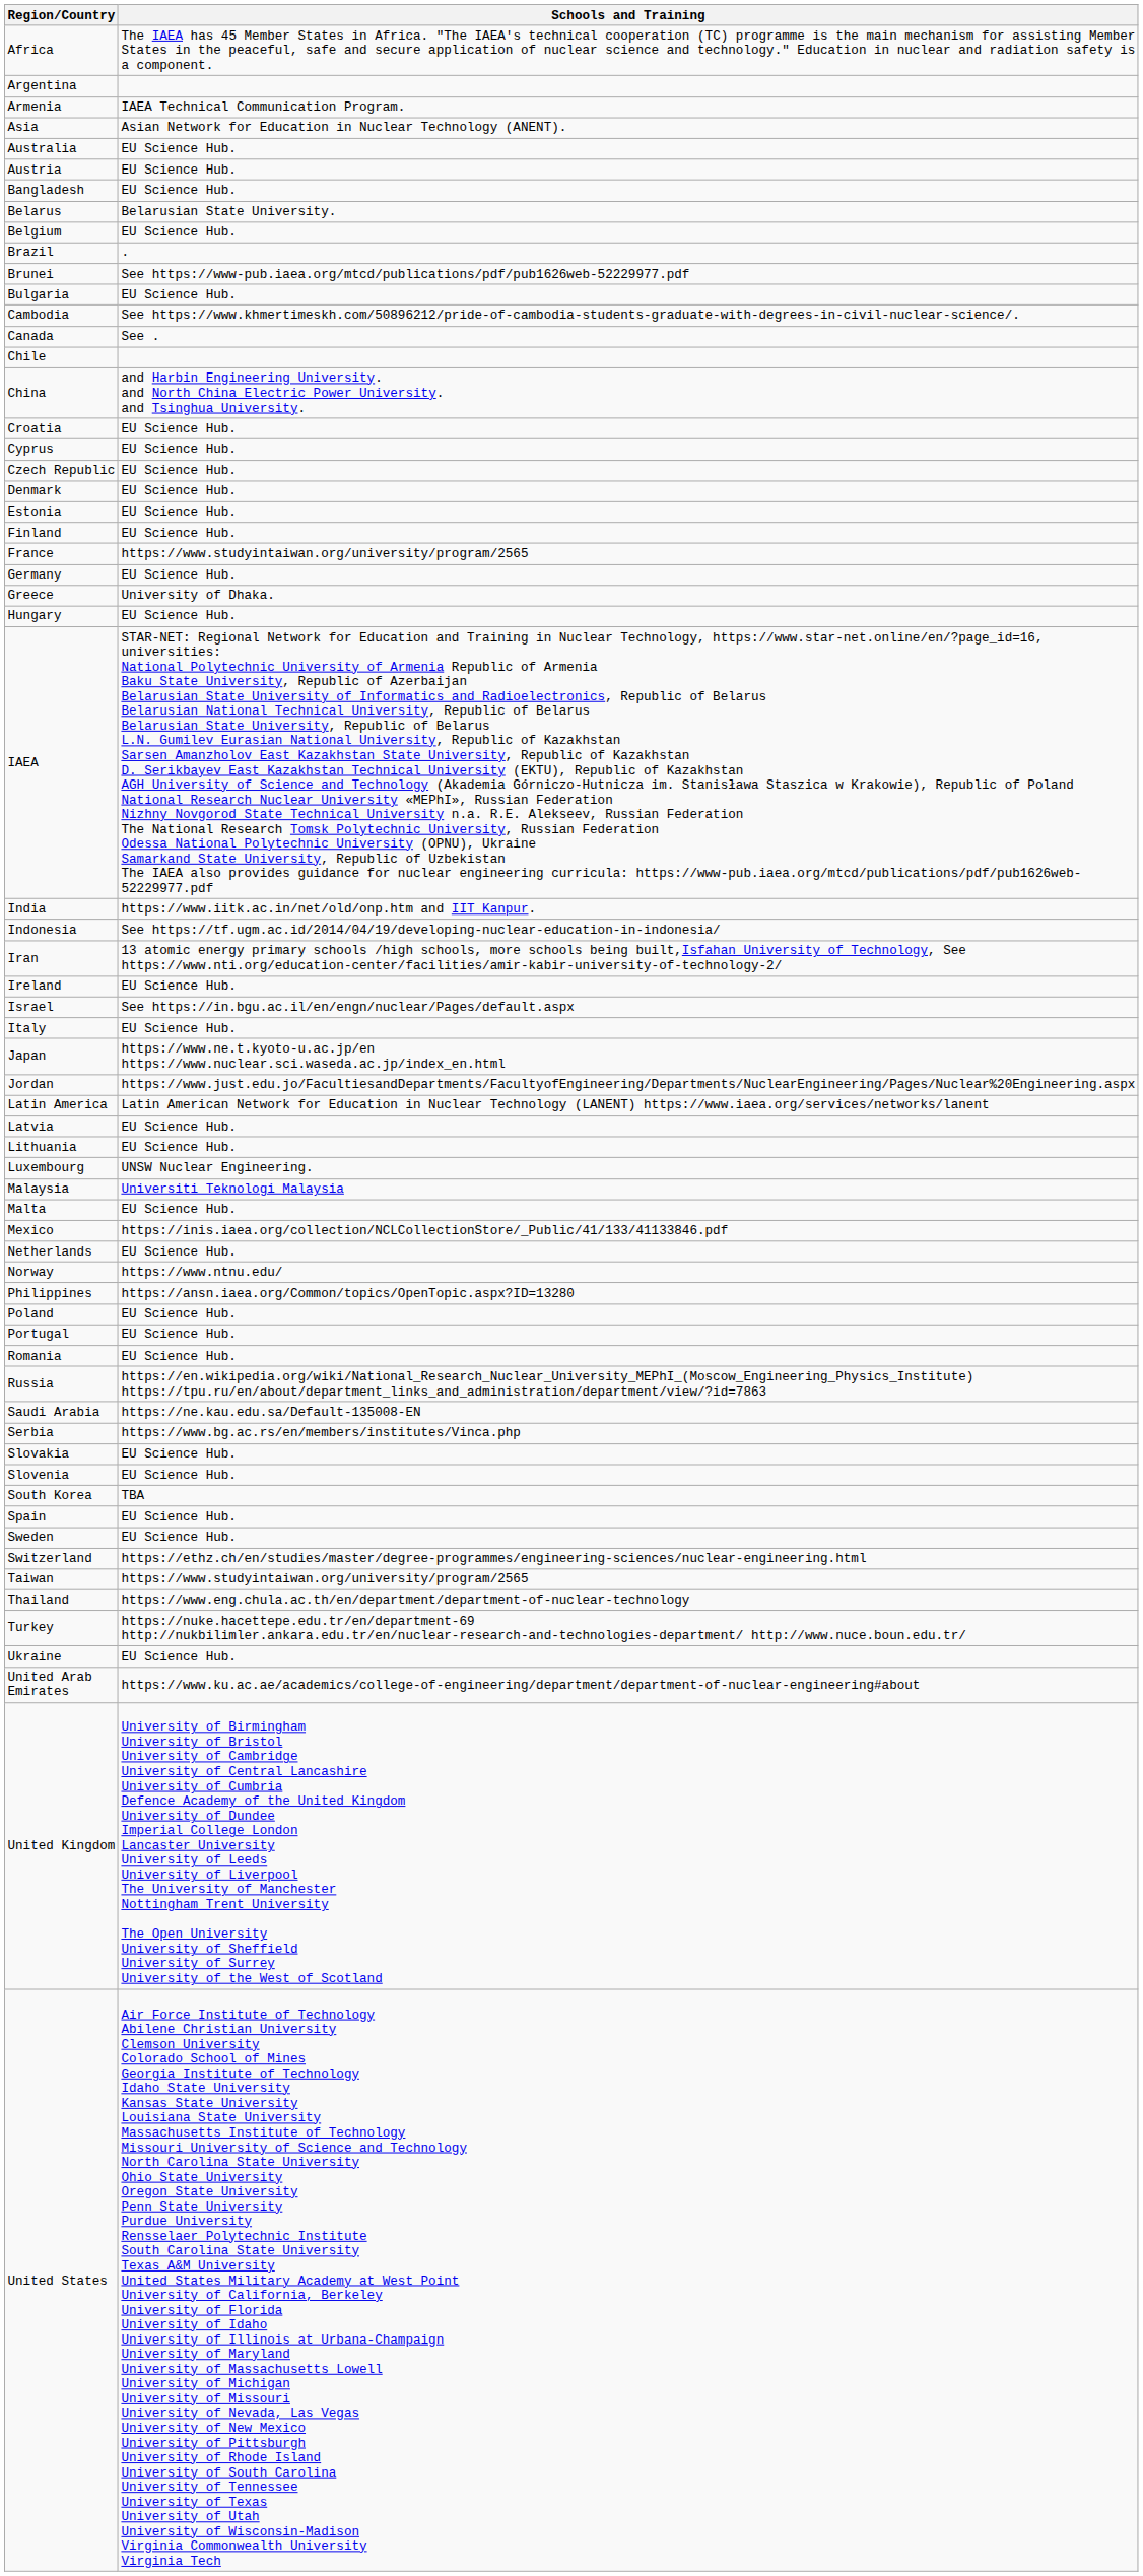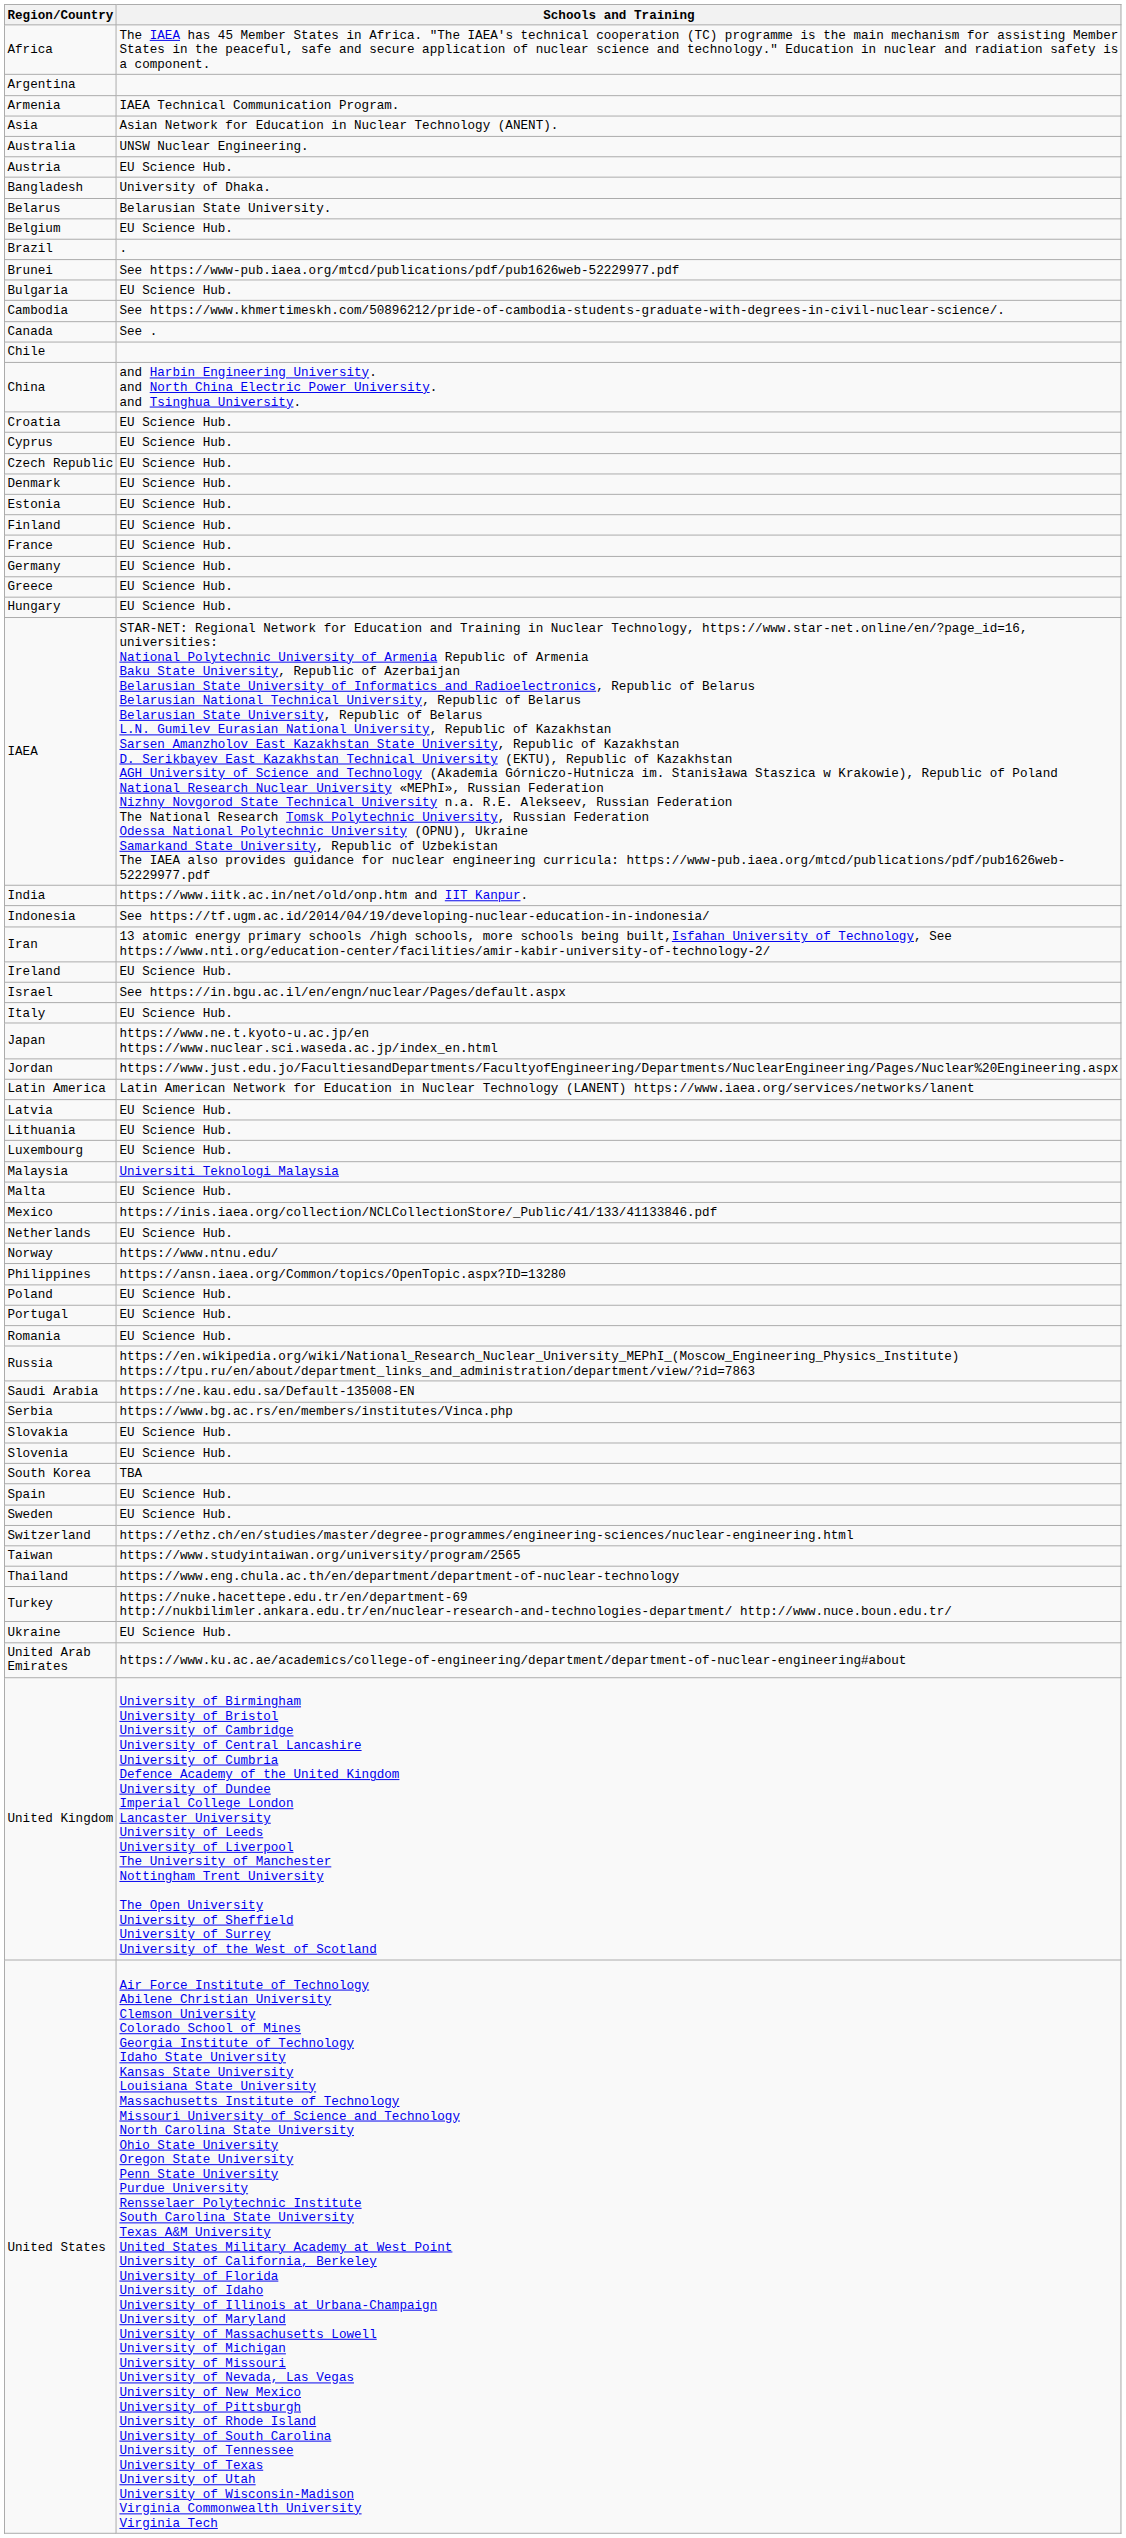 <table class="wikitable">
 <tr>
 <th>Region/Country</th>
 <th>Schools and Training</th>
 </tr>
 <tr>
 <td>Africa</td>
 <td>The <a href='#'>IAEA</a> has 45 Member States in Africa.  "The IAEA's technical cooperation (TC) programme is the main mechanism for assisting Member States in the peaceful, safe and secure application of nuclear science and technology." Education in nuclear and radiation safety is a component.</td>
 </tr>
 <tr>
 <td>Argentina</td>
 <td></td>
 </tr>
 <tr>
 <td>Armenia</td>
 <td>IAEA Technical Communication Program.</td>
 </tr>
 <tr>
 <td>Asia</td>
 <td>Asian Network for Education in Nuclear Technology (ANENT).</td>
 </tr>
 <tr>
 <td>Australia</td>
-<td>EU Science Hub.</td>
+<td>UNSW Nuclear Engineering.</td>
 </tr>
 <tr>
 <td>Austria</td>
 <td>EU Science Hub.</td>
 </tr>
 <tr>
 <td>Bangladesh</td>
-<td>EU Science Hub.</td>
+<td>University of Dhaka.</td>
 </tr>
 <tr>
 <td>Belarus</td>
 <td>Belarusian State University.</td>
 </tr>
 <tr>
 <td>Belgium</td>
 <td>EU Science Hub.</td>
 </tr>
 <tr>
 <td>Brazil</td>
 <td>.</td>
 </tr>
 <tr>
 <td>Brunei</td>
 <td>See https://www-pub.iaea.org/mtcd/publications/pdf/pub1626web-52229977.pdf</td>
 </tr>
 <tr>
 <td>Bulgaria</td>
 <td>EU Science Hub.</td>
 </tr>
 <tr>
 <td>Cambodia</td>
 <td>See https://www.khmertimeskh.com/50896212/pride-of-cambodia-students-graduate-with-degrees-in-civil-nuclear-science/.</td>
 </tr>
 <tr>
 <td>Canada</td>
 <td>See .</td>
 </tr>
 <tr>
 <td>Chile</td>
 <td></td>
 </tr>
 <tr>
 <td>China</td>
 <td> and <a href='#'>Harbin Engineering University</a>.<br> and <a href='#'>North China Electric Power University</a>.<br> and <a href='#'>Tsinghua University</a>.</td>
 </tr>
 <tr>
 <td>Croatia</td>
 <td>EU Science Hub.</td>
 </tr>
 <tr>
 <td>Cyprus</td>
 <td>EU Science Hub.</td>
 </tr>
 <tr>
 <td>Czech Republic</td>
 <td>EU Science Hub.</td>
 </tr>
 <tr>
 <td>Denmark</td>
 <td>EU Science Hub.</td>
 </tr>
 <tr>
 <td>Estonia</td>
 <td>EU Science Hub.</td>
 </tr>
 <tr>
 <td>Finland</td>
 <td>EU Science Hub.</td>
 </tr>
 <tr>
 <td>France</td>
-<td>https://www.studyintaiwan.org/university/program/2565</td>
+<td>EU Science Hub.</td>
 </tr>
 <tr>
 <td>Germany</td>
 <td>EU Science Hub.</td>
 </tr>
 <tr>
 <td>Greece</td>
-<td>University of Dhaka.</td>
+<td>EU Science Hub.</td>
 </tr>
 <tr>
 <td>Hungary</td>
 <td>EU Science Hub.</td>
 </tr>
 <tr>
 <td>IAEA</td>
 <td>STAR-NET: Regional Network for Education and Training in Nuclear Technology, https://www.star-net.online/en/?page_id=16, universities:<br><a href='#'>National Polytechnic University of Armenia</a> Republic of Armenia<br><a href='#'>Baku State University</a>, Republic of Azerbaijan<br><a href='#'>Belarusian State University of Informatics and Radioelectronics</a>, Republic of Belarus<br><a href='#'>Belarusian National Technical University</a>, Republic of Belarus<br><a href='#'>Belarusian State University</a>, Republic of Belarus<br><a href='#'>L.N. Gumilev Eurasian National University</a>, Republic of Kazakhstan<br><a href='#'>Sarsen Amanzholov East Kazakhstan State University</a>, Republic of Kazakhstan<br><a href='#'>D. Serikbayev East Kazakhstan Technical University</a> (EKTU), Republic of Kazakhstan<br><a href='#'>AGH University of Science and Technology</a> (Akademia Górniczo-Hutnicza im. Stanisława Staszica w Krakowie), Republic of Poland<br><a href='#'>National Research Nuclear University</a> «MEPhI», Russian Federation<br><a href='#'>Nizhny Novgorod State Technical University</a> n.a. R.E. Alekseev, Russian Federation<br>The National Research <a href='#'>Tomsk Polytechnic University</a>, Russian Federation<br><a href='#'>Odessa National Polytechnic University</a> (OPNU), Ukraine<br><a href='#'>Samarkand State University</a>, Republic of Uzbekistan<br>The IAEA also provides guidance for nuclear engineering curricula: https://www-pub.iaea.org/mtcd/publications/pdf/pub1626web-52229977.pdf</td>
 </tr>
 <tr>
 <td>India</td>
 <td>https://www.iitk.ac.in/net/old/onp.htm and <a href='#'>IIT Kanpur</a>.</td>
 </tr>
 <tr>
 <td>Indonesia</td>
 <td>See https://tf.ugm.ac.id/2014/04/19/developing-nuclear-education-in-indonesia/</td>
 </tr>
 <tr>
 <td>Iran</td>
 <td>13 atomic energy primary schools /high schools, more schools being built,<a href='#'>Isfahan University of Technology</a>, See https://www.nti.org/education-center/facilities/amir-kabir-university-of-technology-2/</td>
 </tr>
 <tr>
 <td>Ireland</td>
 <td>EU Science Hub.</td>
 </tr>
 <tr>
 <td>Israel</td>
 <td>See https://in.bgu.ac.il/en/engn/nuclear/Pages/default.aspx</td>
 </tr>
 <tr>
 <td>Italy</td>
 <td>EU Science Hub.</td>
 </tr>
 <tr>
 <td>Japan</td>
 <td>https://www.ne.t.kyoto-u.ac.jp/en<br>https://www.nuclear.sci.waseda.ac.jp/index_en.html</td>
 </tr>
 <tr>
 <td>Jordan</td>
 <td>https://www.just.edu.jo/FacultiesandDepartments/FacultyofEngineering/Departments/NuclearEngineering/Pages/Nuclear%20Engineering.aspx</td>
 </tr>
 <tr>
 <td>Latin America</td>
 <td>Latin American Network for Education in Nuclear Technology (LANENT) https://www.iaea.org/services/networks/lanent</td>
 </tr>
 <tr>
 <td>Latvia</td>
 <td>EU Science Hub.</td>
 </tr>
 <tr>
 <td>Lithuania</td>
 <td>EU Science Hub.</td>
 </tr>
 <tr>
 <td>Luxembourg</td>
-<td>UNSW Nuclear Engineering.</td>
+<td>EU Science Hub.</td>
 </tr>
 <tr>
 <td>Malaysia</td>
 <td><a href='#'>Universiti Teknologi Malaysia</a></td>
 </tr>
 <tr>
 <td>Malta</td>
 <td>EU Science Hub.</td>
 </tr>
 <tr>
 <td>Mexico</td>
 <td>https://inis.iaea.org/collection/NCLCollectionStore/_Public/41/133/41133846.pdf</td>
 </tr>
 <tr>
 <td>Netherlands</td>
 <td>EU Science Hub.</td>
 </tr>
 <tr>
 <td>Norway</td>
 <td>https://www.ntnu.edu/</td>
 </tr>
 <tr>
 <td>Philippines</td>
 <td>https://ansn.iaea.org/Common/topics/OpenTopic.aspx?ID=13280</td>
 </tr>
 <tr>
 <td>Poland</td>
 <td>EU Science Hub.</td>
 </tr>
 <tr>
 <td>Portugal</td>
 <td>EU Science Hub.</td>
 </tr>
 <tr>
 <td>Romania</td>
 <td>EU Science Hub.</td>
 </tr>
 <tr>
 <td>Russia</td>
 <td>https://en.wikipedia.org/wiki/National_Research_Nuclear_University_MEPhI_(Moscow_Engineering_Physics_Institute)<br>https://tpu.ru/en/about/department_links_and_administration/department/view/?id=7863</td>
 </tr>
 <tr>
 <td>Saudi Arabia</td>
 <td>https://ne.kau.edu.sa/Default-135008-EN</td>
 </tr>
 <tr>
 <td>Serbia</td>
 <td>https://www.bg.ac.rs/en/members/institutes/Vinca.php</td>
 </tr>
 <tr>
 <td>Slovakia</td>
 <td>EU Science Hub.</td>
 </tr>
 <tr>
 <td>Slovenia</td>
 <td>EU Science Hub.</td>
 </tr>
 <tr>
 <td>South Korea</td>
 <td>TBA</td>
 </tr>
 <tr>
 <td>Spain</td>
 <td>EU Science Hub.</td>
 </tr>
 <tr>
 <td>Sweden</td>
 <td>EU Science Hub.</td>
 </tr>
 <tr>
 <td>Switzerland</td>
 <td>https://ethz.ch/en/studies/master/degree-programmes/engineering-sciences/nuclear-engineering.html</td>
 </tr>
 <tr>
 <td>Taiwan</td>
 <td>https://www.studyintaiwan.org/university/program/2565</td>
 </tr>
 <tr>
 <td>Thailand</td>
 <td>https://www.eng.chula.ac.th/en/department/department-of-nuclear-technology</td>
 </tr>
 <tr>
 <td>Turkey</td>
 <td>https://nuke.hacettepe.edu.tr/en/department-69<br>http://nukbilimler.ankara.edu.tr/en/nuclear-research-and-technologies-department/ http://www.nuce.boun.edu.tr/</td>
 </tr>
 <tr>
 <td>Ukraine</td>
 <td>EU Science Hub.</td>
 </tr>
 <tr>
 <td>United Arab Emirates</td>
 <td>https://www.ku.ac.ae/academics/college-of-engineering/department/department-of-nuclear-engineering#about</td>
 </tr>
 <tr>
 <td>United Kingdom</td>
 <td><br><a href='#'>University of Birmingham</a><br><a href='#'>University of Bristol</a><br><a href='#'>University of Cambridge</a><br><a href='#'>University of Central Lancashire</a><br><a href='#'>University of Cumbria</a><br><a href='#'>Defence Academy of the United Kingdom</a><br><a href='#'>University of Dundee</a><br><a href='#'>Imperial College London</a><br><a href='#'>Lancaster University</a><br><a href='#'>University of Leeds</a><br><a href='#'>University of Liverpool</a><br><a href='#'>The University of Manchester</a><br><a href='#'>Nottingham Trent University</a><br><br><a href='#'>The Open University</a><br><a href='#'>University of Sheffield</a><br><a href='#'>University of Surrey</a><br><a href='#'>University of the West of Scotland</a></td>
 </tr>
 <tr>
 <td>United States</td>
 <td><br><a href='#'>Air Force Institute of Technology</a><br><a href='#'>Abilene Christian University</a><br><a href='#'>Clemson University</a><br><a href='#'>Colorado School of Mines</a><br><a href='#'>Georgia Institute of Technology</a><br><a href='#'>Idaho State University</a><br><a href='#'>Kansas State University</a><br><a href='#'>Louisiana State University</a><br><a href='#'>Massachusetts Institute of Technology</a><br><a href='#'>Missouri University of Science and Technology</a><br><a href='#'>North Carolina State University</a><br><a href='#'>Ohio State University</a><br><a href='#'>Oregon State University</a><br><a href='#'>Penn State University</a><br><a href='#'>Purdue University</a><br><a href='#'>Rensselaer Polytechnic Institute</a><br><a href='#'>South Carolina State University</a><br><a href='#'>Texas A&M University</a><br><a href='#'>United States Military Academy at West Point</a><br><a href='#'>University of California, Berkeley</a><br><a href='#'>University of Florida</a><br><a href='#'>University of Idaho</a><br><a href='#'>University of Illinois at Urbana-Champaign</a><br><a href='#'>University of Maryland</a><br><a href='#'>University of Massachusetts Lowell</a><br><a href='#'>University of Michigan</a><br><a href='#'>University of Missouri</a><br><a href='#'>University of Nevada, Las Vegas</a><br><a href='#'>University of New Mexico</a><br><a href='#'>University of Pittsburgh</a><br><a href='#'>University of Rhode Island</a><br><a href='#'>University of South Carolina</a><br><a href='#'>University of Tennessee</a><br><a href='#'>University of Texas</a><br><a href='#'>University of Utah</a><br><a href='#'>University of Wisconsin-Madison</a><br><a href='#'>Virginia Commonwealth University</a><br><a href='#'>Virginia Tech</a></td>
 </tr>
 </table>
